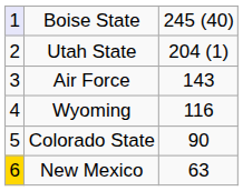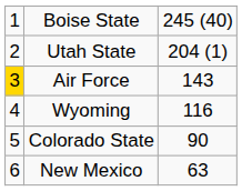 <table class="wikitable" style="display: inline-table;">
 <tr align="center">
 </tr>
 <tr align="center">
-<td style="background: lavender;">1</td>
+<td>1</td>
 <td>Boise State</td>
 <td>245 (40)</td>
 </tr>
 <tr align="center">
 <td>2</td>
 <td>Utah State</td>
 <td>204 (1)</td>
 </tr>
 <tr align="center">
-<td>3</td>
+<td style="background: gold;">3</td>
 <td>Air Force</td>
 <td>143</td>
 </tr>
 <tr align="center">
 <td>4</td>
 <td>Wyoming</td>
 <td>116</td>
 </tr>
 <tr align="center">
 <td>5</td>
 <td>Colorado State</td>
 <td>90</td>
 </tr>
 <tr align="center">
-<td style="background: gold;">6</td>
+<td>6</td>
 <td>New Mexico</td>
 <td>63</td>
 </tr>
 </table>
